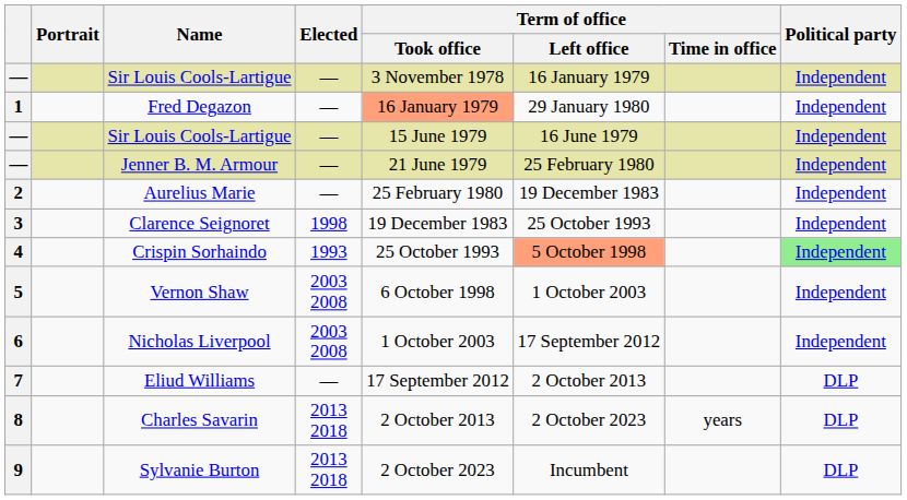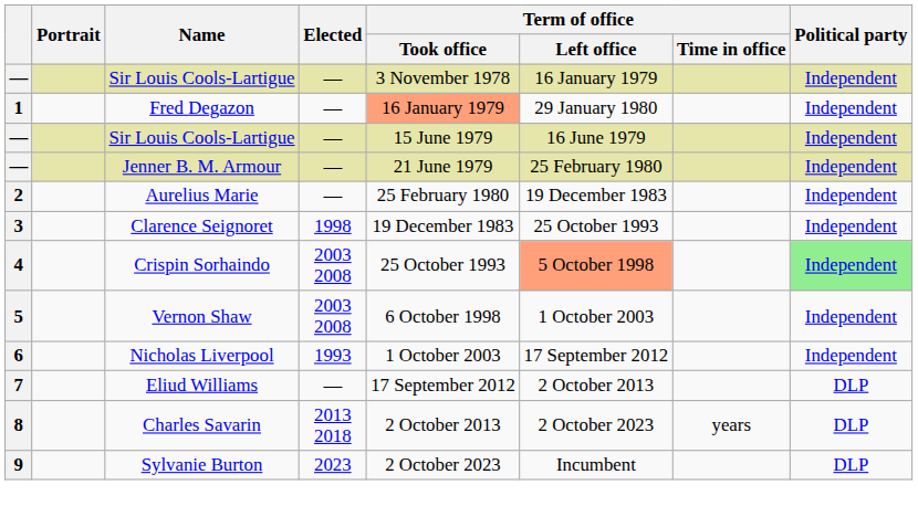 <table class="wikitable" style="text-align:center">
 <tr>
 <th rowspan=2></th>
 <th rowspan=2>Portrait</th>
 <th rowspan=2>Name<br></th>
 <th rowspan=2>Elected</th>
 <th colspan=3>Term of office</th>
 <th rowspan=2>Political party</th>
 </tr>
 <tr>
 <th>Took office</th>
 <th>Left office</th>
 <th>Time in office</th>
 </tr>
 <tr style="background:#e6e6aa;">
 <th style="background:">—</th>
 <td></td>
 <td><a href='#'>Sir Louis Cools-Lartigue</a><br></td>
 <td>—</td>
 <td>3 November 1978</td>
 <td>16 January 1979</td>
 <td></td>
 <td><a href='#'>Independent</a></td>
 </tr>
 <tr>
 <th style="background:">1</th>
 <td></td>
 <td><a href='#'>Fred Degazon</a><br></td>
 <td>—</td>
 <td style="background: lightsalmon;">16 January 1979</td>
 <td>29 January 1980</td>
 <td></td>
 <td><a href='#'>Independent</a></td>
 </tr>
 <tr style="background:#e6e6aa;">
 <th style="background:">—</th>
 <td></td>
 <td><a href='#'>Sir Louis Cools-Lartigue</a><br></td>
 <td>—</td>
 <td>15 June 1979</td>
 <td>16 June 1979</td>
 <td></td>
 <td><a href='#'>Independent</a></td>
 </tr>
 <tr style="background:#e6e6aa;">
 <th style="background:">—</th>
 <td></td>
 <td><a href='#'>Jenner B. M. Armour</a><br></td>
 <td>—</td>
 <td>21 June 1979</td>
 <td>25 February 1980</td>
 <td></td>
 <td><a href='#'>Independent</a></td>
 </tr>
 <tr>
 <th style="background:">2</th>
 <td></td>
 <td><a href='#'>Aurelius Marie</a><br></td>
 <td>—</td>
 <td>25 February 1980</td>
 <td>19 December 1983</td>
 <td></td>
 <td><a href='#'>Independent</a></td>
 </tr>
 <tr>
 <th style="background:">3</th>
 <td></td>
 <td><a href='#'>Clarence Seignoret</a><br></td>
 <td><a href='#'>1998</a></td>
 <td>19 December 1983</td>
 <td>25 October 1993</td>
 <td></td>
 <td><a href='#'>Independent</a></td>
 </tr>
 <tr>
 <th style="background:">4</th>
 <td></td>
 <td><a href='#'>Crispin Sorhaindo</a><br></td>
-<td><a href='#'>1993</a></td>
+<td><a href='#'>2003</a><br><a href='#'>2008</a></td>
 <td>25 October 1993</td>
 <td style="background: lightsalmon;">5 October 1998</td>
 <td></td>
 <td style="background: lightgreen;"><a href='#'>Independent</a></td>
 </tr>
 <tr>
 <th style="background:">5</th>
 <td></td>
 <td><a href='#'>Vernon Shaw</a><br></td>
 <td><a href='#'>2003</a><br><a href='#'>2008</a></td>
 <td>6 October 1998</td>
 <td>1 October 2003</td>
 <td></td>
 <td><a href='#'>Independent</a></td>
 </tr>
 <tr>
 <th style="background:">6</th>
 <td></td>
 <td><a href='#'>Nicholas Liverpool</a><br></td>
-<td><a href='#'>2003</a><br><a href='#'>2008</a></td>
+<td><a href='#'>1993</a></td>
 <td>1 October 2003</td>
 <td>17 September 2012</td>
 <td></td>
 <td><a href='#'>Independent</a></td>
 </tr>
 <tr>
 <th style="background:">7</th>
 <td></td>
 <td><a href='#'>Eliud Williams</a><br></td>
 <td>—</td>
 <td>17 September 2012</td>
 <td>2 October 2013</td>
 <td></td>
 <td><a href='#'>DLP</a></td>
 </tr>
 <tr>
 <th style="background:">8</th>
 <td></td>
 <td><a href='#'>Charles Savarin</a><br></td>
 <td><a href='#'>2013</a><br><a href='#'>2018</a></td>
 <td>2 October 2013</td>
 <td>2 October 2023</td>
 <td> years</td>
 <td><a href='#'>DLP</a></td>
 </tr>
 <tr>
 <th style="background:">9</th>
 <td></td>
 <td><a href='#'>Sylvanie Burton</a><br></td>
-<td><a href='#'>2013</a><br><a href='#'>2018</a></td>
+<td><a href='#'>2023</a></td>
 <td>2 October 2023</td>
 <td>Incumbent</td>
 <td></td>
 <td><a href='#'>DLP</a></td>
 </tr>
 </table>
